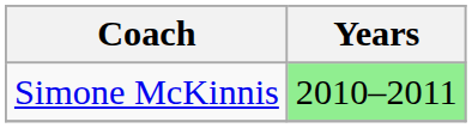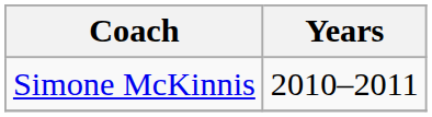 <table class="wikitable collapsible">
 <tr>
 <th>Coach</th>
 <th>Years</th>
 </tr>
 <tr>
 <td> <a href='#'>Simone McKinnis</a></td>
-<td style="background: lightgreen;">2010–2011</td>
+<td>2010–2011</td>
 </tr>
 <tr>
 </tr>
 </table>
